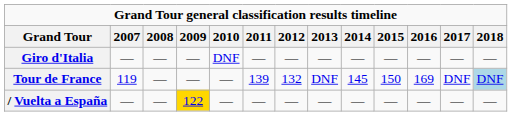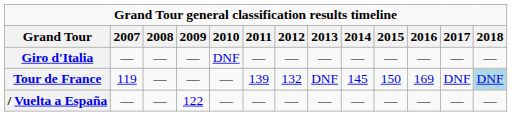 <table class="wikitable plainrowheaders">
 <tr>
 <td colspan=18 align="center"><strong>Grand Tour general classification results timeline</strong></td>
 </tr>
 <tr>
 <th scope="col">Grand Tour</th>
 <th scope="col">2007</th>
 <th scope="col">2008</th>
 <th scope="col">2009</th>
 <th scope="col">2010</th>
 <th scope="col">2011</th>
 <th scope="col">2012</th>
 <th scope="col">2013</th>
 <th scope="col">2014</th>
 <th scope="col">2015</th>
 <th scope="col">2016</th>
 <th scope="col">2017</th>
 <th scope="col">2018</th>
 </tr>
 <tr style="text-align:center;">
 <th scope="row"> <a href='#'>Giro d'Italia</a></th>
 <td>—</td>
 <td>—</td>
 <td>—</td>
 <td><a href='#'>DNF</a></td>
 <td>—</td>
 <td>—</td>
 <td>—</td>
 <td>—</td>
 <td>—</td>
 <td>—</td>
 <td>—</td>
 <td>—</td>
 </tr>
 <tr style="text-align:center;">
 <th scope="row"> <a href='#'>Tour de France</a></th>
 <td><a href='#'>119</a></td>
 <td>—</td>
 <td>—</td>
 <td>—</td>
 <td><a href='#'>139</a></td>
 <td><a href='#'>132</a></td>
 <td><a href='#'>DNF</a></td>
 <td><a href='#'>145</a></td>
 <td><a href='#'>150</a></td>
 <td><a href='#'>169</a></td>
 <td><a href='#'>DNF</a></td>
 <td style="background: lightblue;"><a href='#'>DNF</a></td>
 </tr>
 <tr style="text-align:center;">
 <th scope="row">/ <a href='#'>Vuelta a España</a></th>
 <td>—</td>
 <td>—</td>
-<td style="background: gold;"><a href='#'>122</a></td>
+<td><a href='#'>122</a></td>
 <td>—</td>
 <td>—</td>
 <td>—</td>
 <td>—</td>
 <td>—</td>
 <td>—</td>
 <td>—</td>
 <td>—</td>
 <td>—</td>
 </tr>
 </table>
